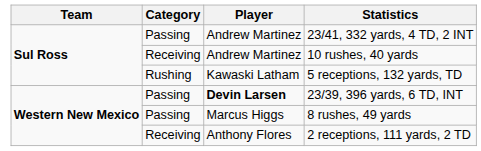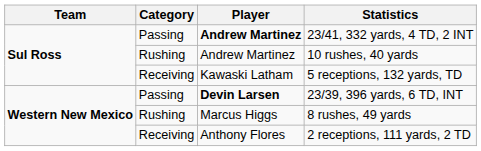 <table class="wikitable" style="float: right;">
 <tr>
 <th>Team</th>
 <th>Category</th>
 <th>Player</th>
 <th>Statistics</th>
 </tr>
 <tr>
 <td rowspan=3><strong>Sul Ross</strong></td>
 <td>Passing</td>
-<td>Andrew Martinez</td>
+<td><strong>Andrew Martinez</strong></td>
 <td>23/41, 332 yards, 4 TD, 2 INT</td>
 </tr>
 <tr>
-<td>Receiving</td>
+<td>Rushing</td>
 <td>Andrew Martinez</td>
 <td>10 rushes, 40 yards</td>
 </tr>
 <tr>
-<td>Rushing</td>
+<td>Receiving</td>
 <td>Kawaski Latham</td>
 <td>5 receptions, 132 yards, TD</td>
 </tr>
 <tr>
 <td rowspan=3><strong>Western New Mexico</strong></td>
 <td>Passing</td>
 <td><strong>Devin Larsen</strong></td>
 <td>23/39, 396 yards, 6 TD, INT</td>
 </tr>
 <tr>
-<td>Passing</td>
+<td>Rushing</td>
 <td>Marcus Higgs</td>
 <td>8 rushes, 49 yards</td>
 </tr>
 <tr>
 <td>Receiving</td>
 <td>Anthony Flores</td>
 <td>2 receptions, 111 yards, 2 TD</td>
 </tr>
 </table>
